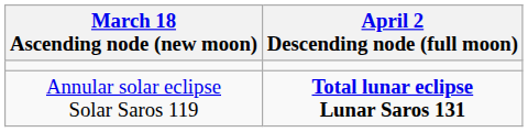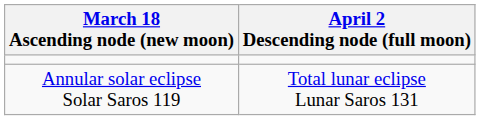 <table class="wikitable">
 <tr>
 <th><a href='#'>March 18</a><br>Ascending node (new moon)</th>
 <th><a href='#'>April 2</a><br>Descending node (full moon)</th>
 </tr>
 <tr>
 <td></td>
 <td></td>
 </tr>
 <tr align=center>
 <td><a href='#'>Annular solar eclipse</a><br>Solar Saros 119</td>
-<td><strong><a href='#'>Total lunar eclipse</a><br>Lunar Saros 131</strong></td>
+<td><a href='#'>Total lunar eclipse</a><br>Lunar Saros 131</td>
 </tr>
 </table>
